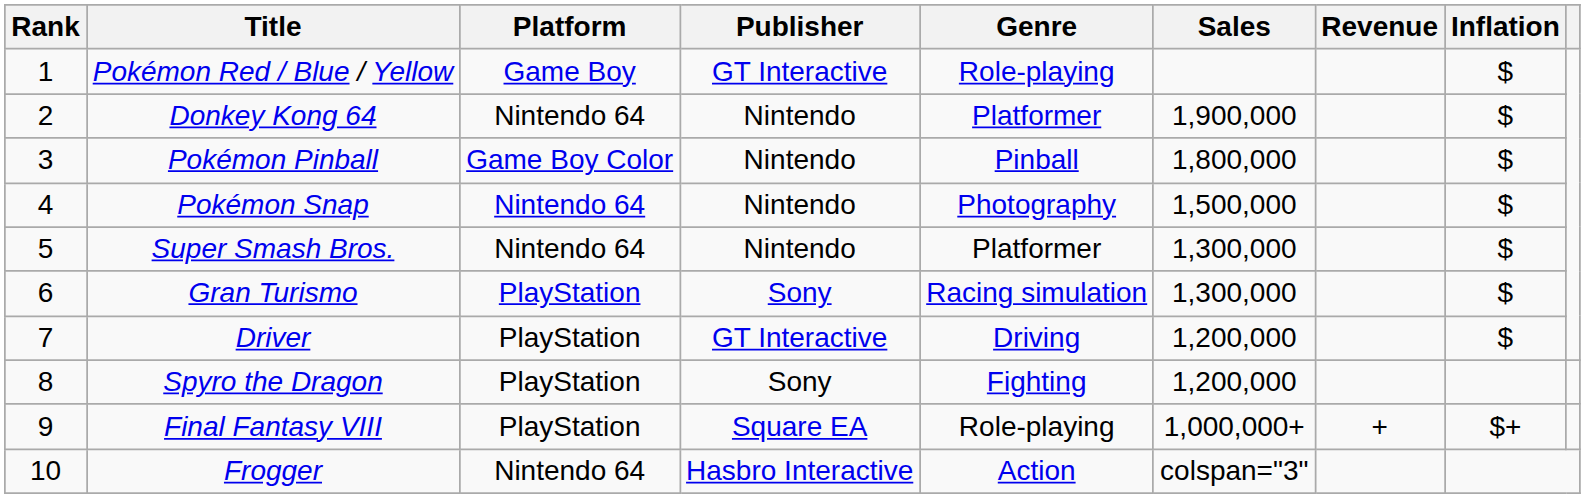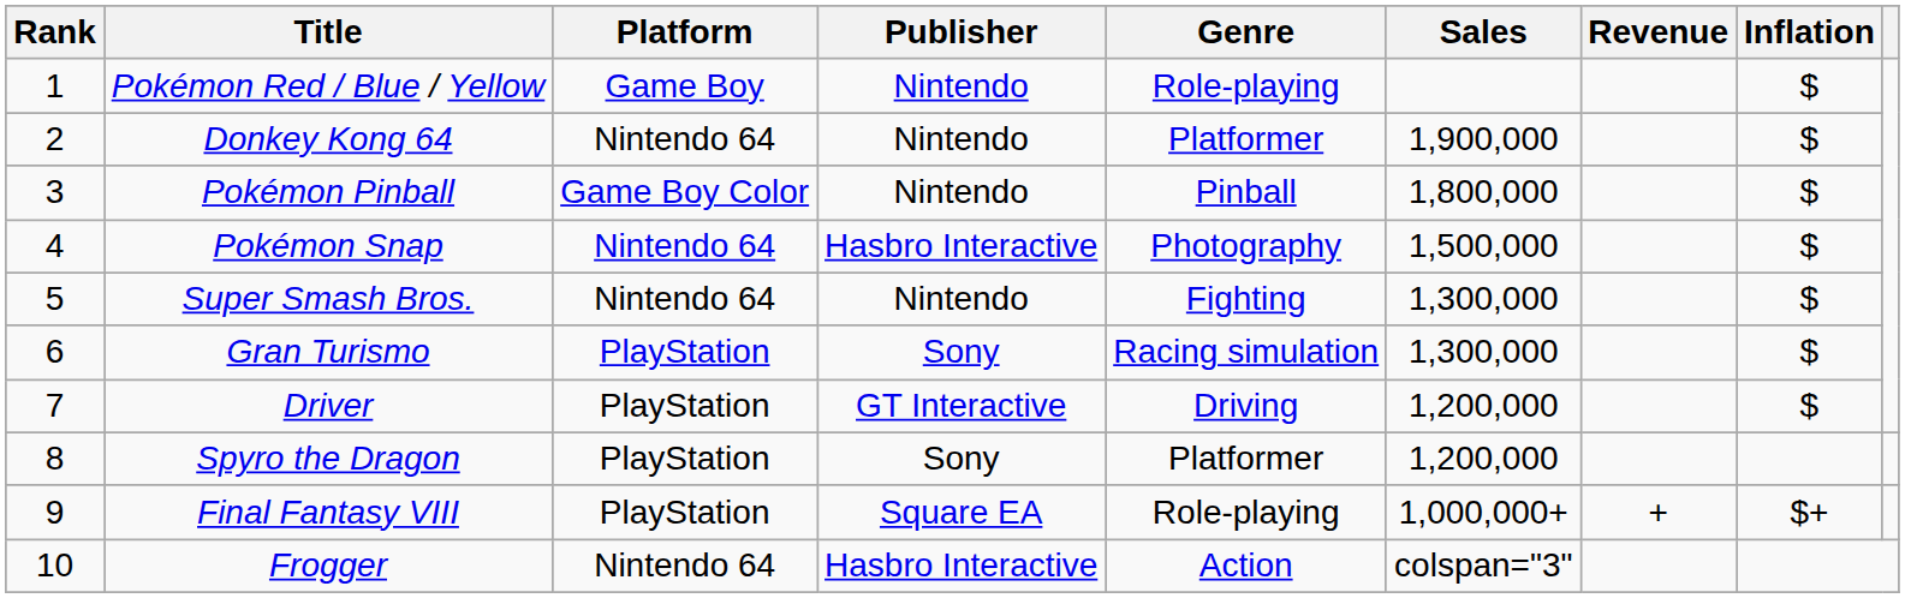 <table class="wikitable sortable" style="text-align:center">
 <tr>
 <th>Rank</th>
 <th>Title</th>
 <th>Platform</th>
 <th>Publisher</th>
 <th>Genre</th>
 <th>Sales</th>
 <th>Revenue</th>
 <th>Inflation</th>
 <th class="unsortable"></th>
 </tr>
 <tr>
 <td>1</td>
 <td><em><a href='#'>Pokémon Red / Blue</a> / <a href='#'>Yellow</a></em></td>
 <td><a href='#'>Game Boy</a></td>
-<td><a href='#'>GT Interactive</a></td>
+<td><a href='#'>Nintendo</a></td>
 <td><a href='#'>Role-playing</a></td>
 <td></td>
 <td></td>
 <td>$</td>
 <td rowspan="7"></td>
 </tr>
 <tr>
 <td>2</td>
 <td><em><a href='#'>Donkey Kong 64</a></em></td>
 <td>Nintendo 64</td>
 <td>Nintendo</td>
 <td><a href='#'>Platformer</a></td>
 <td>1,900,000</td>
 <td></td>
 <td>$</td>
 </tr>
 <tr>
 <td>3</td>
 <td><em><a href='#'>Pokémon Pinball</a></em></td>
 <td><a href='#'>Game Boy Color</a></td>
 <td>Nintendo</td>
 <td><a href='#'>Pinball</a></td>
 <td>1,800,000</td>
 <td></td>
 <td>$</td>
 </tr>
 <tr>
 <td>4</td>
 <td><em><a href='#'>Pokémon Snap</a></em></td>
 <td><a href='#'>Nintendo 64</a></td>
-<td>Nintendo</td>
+<td><a href='#'>Hasbro Interactive</a></td>
 <td><a href='#'>Photography</a></td>
 <td>1,500,000</td>
 <td></td>
 <td>$</td>
 </tr>
 <tr>
 <td>5</td>
 <td><em><a href='#'>Super Smash Bros.</a></em></td>
 <td>Nintendo 64</td>
 <td>Nintendo</td>
-<td>Platformer</td>
+<td><a href='#'>Fighting</a></td>
 <td>1,300,000</td>
 <td></td>
 <td>$</td>
 </tr>
 <tr>
 <td>6</td>
 <td><em><a href='#'>Gran Turismo</a></em></td>
 <td><a href='#'>PlayStation</a></td>
 <td><a href='#'>Sony</a></td>
 <td><a href='#'>Racing simulation</a></td>
 <td>1,300,000</td>
 <td></td>
 <td>$</td>
 </tr>
 <tr>
 <td>7</td>
 <td><em><a href='#'>Driver</a></em></td>
 <td>PlayStation</td>
 <td><a href='#'>GT Interactive</a></td>
 <td><a href='#'>Driving</a></td>
 <td>1,200,000</td>
 <td></td>
 <td>$</td>
 </tr>
 <tr>
 <td>8</td>
 <td><em><a href='#'>Spyro the Dragon</a></em></td>
 <td>PlayStation</td>
 <td>Sony</td>
-<td><a href='#'>Fighting</a></td>
+<td>Platformer</td>
 <td>1,200,000</td>
 <td></td>
 <td></td>
 <td></td>
 </tr>
 <tr>
 <td>9</td>
 <td><em><a href='#'>Final Fantasy VIII</a></em></td>
 <td>PlayStation</td>
 <td><a href='#'>Square EA</a></td>
 <td>Role-playing</td>
 <td>1,000,000+</td>
 <td>+</td>
 <td>$+</td>
 <td></td>
 </tr>
 <tr>
 <td>10</td>
 <td><em><a href='#'>Frogger</a></em></td>
 <td>Nintendo 64</td>
 <td><a href='#'>Hasbro Interactive</a></td>
 <td><a href='#'>Action</a></td>
 <td>colspan="3" </td>
 <td></td>
 </tr>
 </table>
